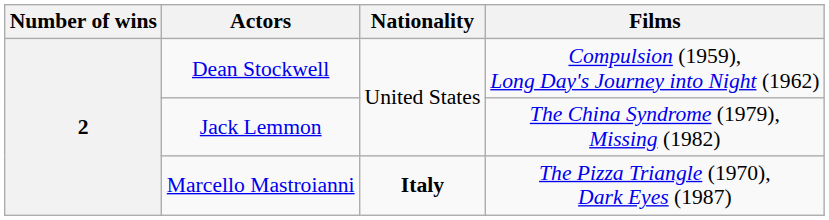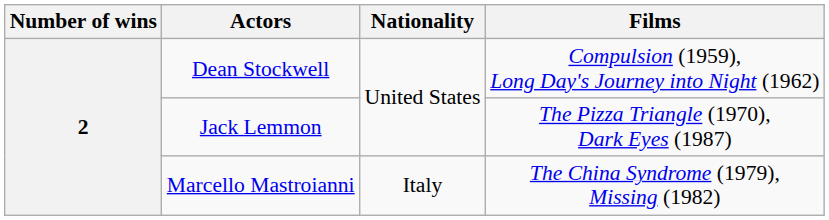 <table class="wikitable" style="text-align:center;">
 <tr>
 <th scope="col">Number of wins</th>
 <th scope="col">Actors</th>
 <th scope="col">Nationality</th>
 <th scope="col">Films</th>
 </tr>
 <tr>
 <th rowspan="3">2</th>
 <td><a href='#'>Dean Stockwell</a></td>
 <td rowspan="2">United States</td>
 <td><em><a href='#'>Compulsion</a></em> (1959), <br>  <em><a href='#'>Long Day's Journey into Night</a></em> (1962)</td>
 </tr>
 <tr>
 <td><a href='#'>Jack Lemmon</a></td>
-<td><em><a href='#'>The China Syndrome</a></em> (1979), <br>  <em><a href='#'>Missing</a></em> (1982)</td>
+<td><em><a href='#'>The Pizza Triangle</a></em> (1970), <br>  <em><a href='#'>Dark Eyes</a></em> (1987)</td>
 </tr>
 <tr>
 <td><a href='#'>Marcello Mastroianni</a></td>
-<td><strong>Italy</strong></td>
-<td><em><a href='#'>The Pizza Triangle</a></em> (1970), <br>  <em><a href='#'>Dark Eyes</a></em> (1987)</td>
+<td>Italy</td>
+<td><em><a href='#'>The China Syndrome</a></em> (1979), <br>  <em><a href='#'>Missing</a></em> (1982)</td>
 </tr>
 </table>
